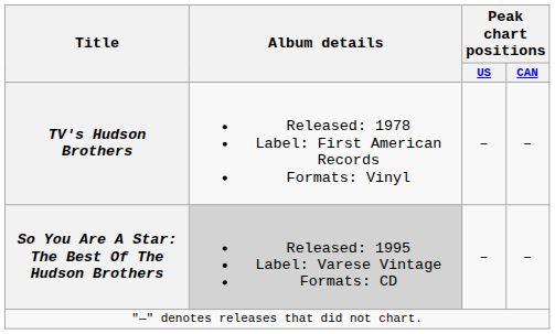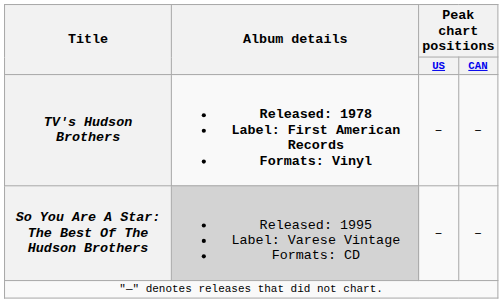 <table class="wikitable plainrowheaders" style="text-align:center;">
 <tr>
 <th scope="col" rowspan="2" style="width:12em;">Title</th>
 <th scope="col" rowspan="2" style="width:18em;">Album details</th>
 <th scope="col" colspan="2">Peak chart positions</th>
 </tr>
 <tr>
 <th scope="col" style="width:3em;font-size:80%;"><a href='#'>US</a><br></th>
 <th scope="col" style="width:3em;font-size:80%;"><a href='#'>CAN</a><br></th>
 </tr>
 <tr>
 <th scope="row"><em>TV's Hudson Brothers</em></th>
-<td><br><ul><li>Released: 1978</li><li>Label: First American Records</li><li>Formats: Vinyl</li></ul></td>
+<td><strong><br><ul><li>Released: 1978</li><li>Label: First American Records</li><li>Formats: Vinyl</li></ul></strong></td>
 <td>–</td>
 <td>–</td>
 </tr>
 <tr>
 <th scope="row"><em> So You Are A Star: The Best Of The Hudson Brothers</em></th>
 <td style="background: lightgrey;"><br><ul><li>Released: 1995</li><li>Label: Varese Vintage</li><li>Formats: CD</li></ul></td>
 <td>–</td>
 <td>–</td>
 </tr>
 <tr>
 <td align="center" colspan="6" style="font-size:8pt">"—" denotes releases that did not chart.</td>
 </tr>
 </table>
